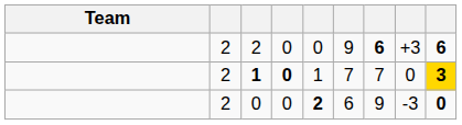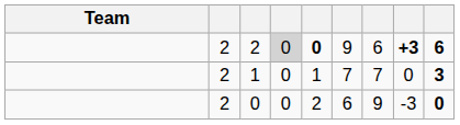 <table class="wikitable" style="text-align: center;">
 <tr>
 <th width="175">Team</th>
 <th width="20"></th>
 <th width="20"></th>
 <th width="20"></th>
 <th width="20"></th>
 <th width="20"></th>
 <th width="20"></th>
 <th width="20"></th>
 <th width="20"></th>
 </tr>
 <tr align=center>
 <td style="text-align:left;"></td>
 <td>2</td>
 <td>2</td>
-<td>0</td>
-<td>0</td>
+<td style="background: lightgrey;">0</td>
+<td><strong>0</strong></td>
 <td>9</td>
-<td><strong>6</strong></td>
-<td>+3</td>
+<td>6</td>
+<td><strong>+3</strong></td>
 <td><strong>6</strong></td>
 </tr>
 <tr align=center>
 <td style="text-align:left;"></td>
 <td>2</td>
-<td><strong>1</strong></td>
-<td><strong>0</strong></td>
+<td>1</td>
+<td>0</td>
 <td>1</td>
 <td>7</td>
 <td>7</td>
 <td>0</td>
-<td style="background: gold;"><strong>3</strong></td>
+<td><strong>3</strong></td>
 </tr>
 <tr align=center>
 <td style="text-align:left;"></td>
 <td>2</td>
 <td>0</td>
 <td>0</td>
-<td><strong>2</strong></td>
+<td>2</td>
 <td>6</td>
 <td>9</td>
 <td>-3</td>
 <td><strong>0</strong></td>
 </tr>
 </table>
